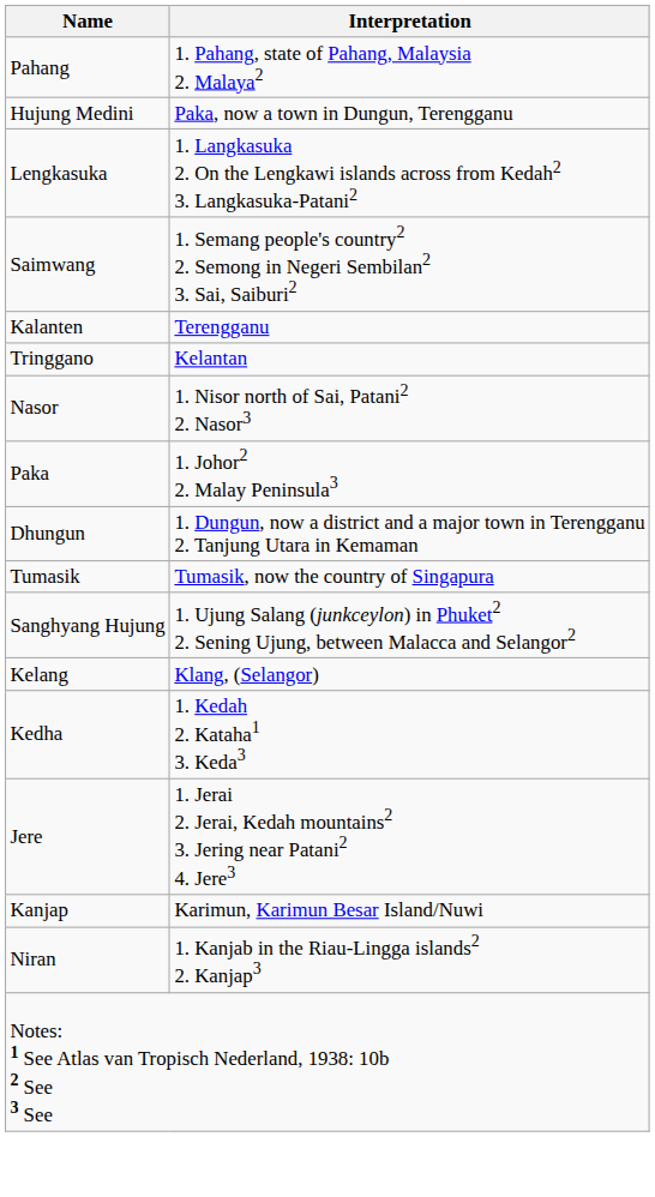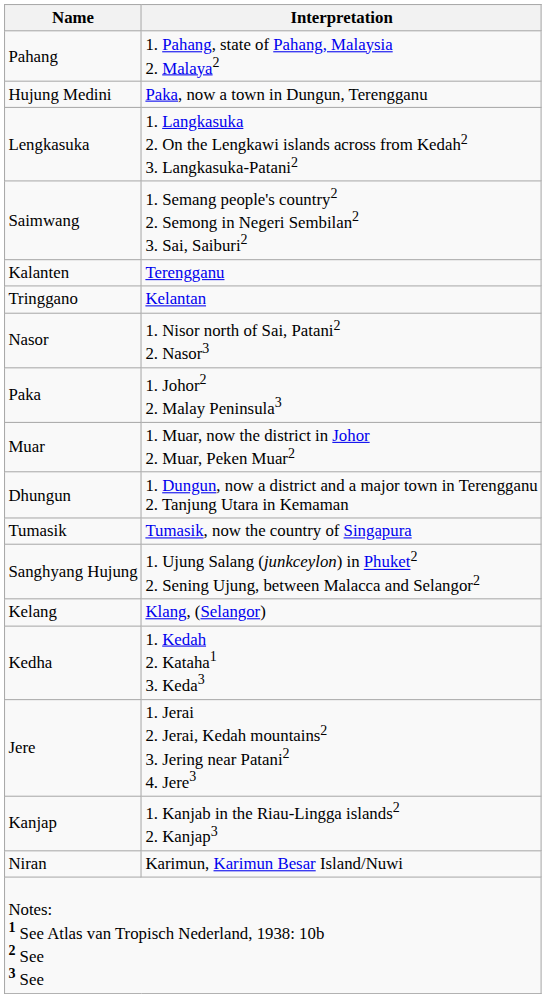 <table class="wikitable">
 <tr>
 <th>Name</th>
 <th>Interpretation</th>
 </tr>
 <tr>
 <td>Pahang</td>
 <td>1. <a href='#'>Pahang</a>, state of <a href='#'>Pahang, Malaysia</a><br>2. <a href='#'>Malaya</a><sup>2</sup></td>
 </tr>
 <tr>
 <td>Hujung Medini</td>
 <td><a href='#'>Paka</a>, now a town in Dungun, Terengganu</td>
 </tr>
 <tr>
 <td>Lengkasuka</td>
 <td>1. <a href='#'>Langkasuka</a><br>2. On the Lengkawi islands across from Kedah<sup>2</sup><br>3. Langkasuka-Patani<sup>2</sup></td>
 </tr>
 <tr>
 <td>Saimwang</td>
 <td>1. Semang people's country<sup>2</sup><br>2. Semong in Negeri Sembilan<sup>2</sup><br>3. Sai, Saiburi<sup>2</sup></td>
 </tr>
 <tr>
 <td>Kalanten</td>
 <td><a href='#'>Terengganu</a></td>
 </tr>
 <tr>
 <td>Tringgano</td>
 <td><a href='#'>Kelantan</a></td>
 </tr>
 <tr>
 <td>Nasor</td>
 <td>1. Nisor north of Sai, Patani<sup>2</sup><br>2. Nasor<sup>3</sup></td>
 </tr>
 <tr>
 <td>Paka</td>
 <td>1. Johor<sup>2</sup><br>2. Malay Peninsula<sup>3</sup></td>
 </tr>
 <tr>
+<td>Muar</td>
+<td>1. Muar, now the district in <a href='#'>Johor</a><br>2. Muar, Peken Muar<sup>2</sup></td>
+</tr>
+<tr>
 <td>Dhungun</td>
 <td>1. <a href='#'>Dungun</a>, now a district and a major town in Terengganu<br>2. Tanjung Utara in Kemaman</td>
 </tr>
 <tr>
 <td>Tumasik</td>
 <td><a href='#'>Tumasik</a>, now the country of <a href='#'>Singapura</a></td>
 </tr>
 <tr>
 <td>Sanghyang Hujung</td>
 <td>1. Ujung Salang (<em>junkceylon</em>) in <a href='#'>Phuket</a><sup>2</sup><br>2. Sening Ujung, between Malacca and Selangor<sup>2</sup></td>
 </tr>
 <tr>
 <td>Kelang</td>
 <td><a href='#'>Klang</a>, (<a href='#'>Selangor</a>)</td>
 </tr>
 <tr>
 <td>Kedha</td>
 <td>1. <a href='#'>Kedah</a><br>2. Kataha<sup>1</sup><br>3. Keda<sup>3</sup></td>
 </tr>
 <tr>
 <td>Jere</td>
 <td>1. Jerai<br>2. Jerai, Kedah mountains<sup>2</sup><br>3. Jering near Patani<sup>2</sup><br>4. Jere<sup>3</sup></td>
 </tr>
 <tr>
 <td>Kanjap</td>
-<td>Karimun, <a href='#'>Karimun Besar</a> Island/Nuwi</td>
+<td>1. Kanjab in the Riau-Lingga islands<sup>2</sup><br>2. Kanjap<sup>3</sup></td>
 </tr>
 <tr>
 <td>Niran</td>
-<td>1. Kanjab in the Riau-Lingga islands<sup>2</sup><br>2. Kanjap<sup>3</sup></td>
+<td>Karimun, <a href='#'>Karimun Besar</a> Island/Nuwi</td>
 </tr>
 <tr>
 <td colspan="2"><br>Notes:<br> <sup><strong>1</strong></sup> See Atlas van Tropisch Nederland, 1938: 10b<br> <sup><strong>2</strong></sup> See <br> <sup><strong>3</strong></sup> See </td>
 </tr>
 </table>
